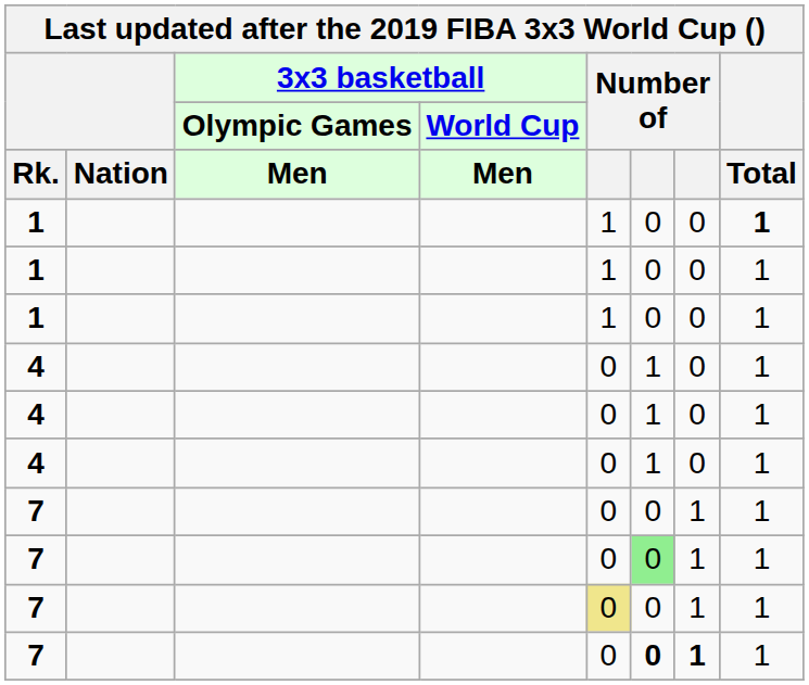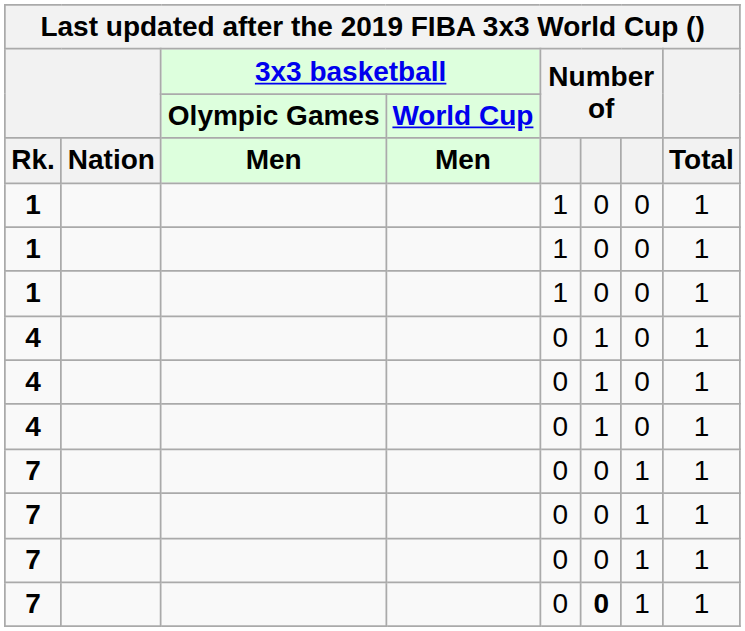 <table class="wikitable" style="margin-top: 0em; text-align: center; font-size: 100%;">
 <tr>
 <th colspan="8">Last updated after the 2019 FIBA 3x3 World Cup ()</th>
 </tr>
 <tr>
 <th rowspan="2" colspan="2"></th>
 <th colspan="2" style="background: #dfd;"><a href='#'>3x3 basketball</a></th>
 <th rowspan="2" colspan="3">Number of</th>
 <th rowspan="2"></th>
 </tr>
 <tr>
 <th style="background: #dfd;">Olympic Games</th>
 <th style="background: #dfd;"><a href='#'>World Cup</a></th>
 </tr>
 <tr>
 <th style="width: 1em;">Rk.</th>
 <th>Nation</th>
 <th style="background: #dfd;">Men</th>
 <th style="background: #dfd;">Men</th>
 <th style="width: 1em;"></th>
 <th style="width: 1em;"></th>
 <th style="width: 1em;"></th>
 <th style="width: 1em;">Total</th>
 </tr>
 <tr>
 <td><strong>1</strong></td>
 <td style="text-align: left;"></td>
 <td></td>
 <td></td>
 <td>1</td>
 <td>0</td>
 <td>0</td>
-<td><strong>1</strong></td>
+<td>1</td>
 </tr>
 <tr>
 <td><strong>1</strong></td>
 <td style="text-align: left;"></td>
 <td></td>
 <td></td>
 <td>1</td>
 <td>0</td>
 <td>0</td>
 <td>1</td>
 </tr>
 <tr>
 <td><strong>1</strong></td>
 <td style="text-align: left;"></td>
 <td></td>
 <td></td>
 <td>1</td>
 <td>0</td>
 <td>0</td>
 <td>1</td>
 </tr>
 <tr>
 <td><strong>4</strong></td>
 <td style="text-align: left;"></td>
 <td></td>
 <td></td>
 <td>0</td>
 <td>1</td>
 <td>0</td>
 <td>1</td>
 </tr>
 <tr>
 <td><strong>4</strong></td>
 <td style="text-align: left;"></td>
 <td></td>
 <td></td>
 <td>0</td>
 <td>1</td>
 <td>0</td>
 <td>1</td>
 </tr>
 <tr>
 <td><strong>4</strong></td>
 <td style="text-align: left;"></td>
 <td></td>
 <td></td>
 <td>0</td>
 <td>1</td>
 <td>0</td>
 <td>1</td>
 </tr>
 <tr>
 <td><strong>7</strong></td>
 <td style="text-align: left;"></td>
 <td></td>
 <td></td>
 <td>0</td>
 <td>0</td>
 <td>1</td>
 <td>1</td>
 </tr>
 <tr>
 <td><strong>7</strong></td>
 <td style="text-align: left;"></td>
 <td></td>
 <td></td>
 <td>0</td>
-<td style="background: lightgreen;">0</td>
+<td>0</td>
 <td>1</td>
 <td>1</td>
 </tr>
 <tr>
 <td><strong>7</strong></td>
 <td style="text-align: left;"></td>
 <td></td>
 <td></td>
-<td style="background: khaki;">0</td>
+<td>0</td>
 <td>0</td>
 <td>1</td>
 <td>1</td>
 </tr>
 <tr>
 <td><strong>7</strong></td>
 <td style="text-align: left;"></td>
 <td></td>
 <td></td>
 <td>0</td>
 <td><strong>0</strong></td>
-<td><strong>1</strong></td>
+<td>1</td>
 <td>1</td>
 </tr>
 </table>
